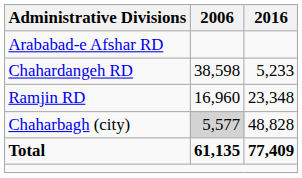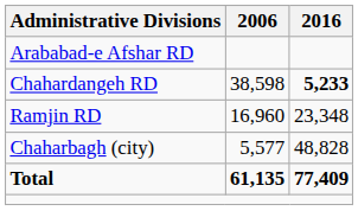 <table class="wikitable">
 <tr>
 <th>Administrative Divisions</th>
 <th>2006</th>
 <th>2016</th>
 </tr>
 <tr>
 <td><a href='#'>Arababad-e Afshar RD</a></td>
 <td style="text-align: right;"></td>
 <td style="text-align: right;"></td>
 </tr>
 <tr>
 <td><a href='#'>Chahardangeh RD</a></td>
 <td style="text-align: right;">38,598</td>
-<td style="text-align: right;">5,233</td>
+<td style="text-align: right;"><strong>5,233</strong></td>
 </tr>
 <tr>
 <td><a href='#'>Ramjin RD</a></td>
 <td style="text-align: right;">16,960</td>
 <td style="text-align: right;">23,348</td>
 </tr>
 <tr>
 <td><a href='#'>Chaharbagh</a> (city)</td>
-<td style="background: lightgrey; text-align: right;">5,577</td>
+<td style="text-align: right;">5,577</td>
 <td style="text-align: right;">48,828</td>
 </tr>
 <tr>
 <td><strong>Total</strong></td>
 <td style="text-align: right;"><strong>61,135</strong></td>
 <td style="text-align: right;"><strong>77,409</strong></td>
 </tr>
 <tr>
 <td colspan=3></td>
 </tr>
 </table>
